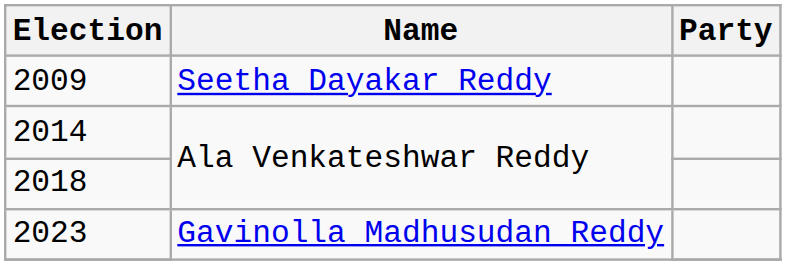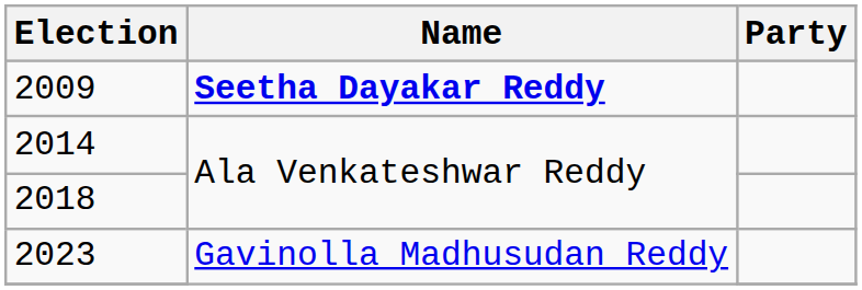 <table class="wikitable sortable">
 <tr>
 <th>Election</th>
 <th>Name</th>
 <th colspan="2">Party</th>
 </tr>
 <tr>
 <td>2009</td>
-<td><a href='#'>Seetha Dayakar Reddy</a></td>
+<td><strong><a href='#'>Seetha Dayakar Reddy</a></strong></td>
 <td></td>
 </tr>
 <tr>
 <td>2014</td>
 <td rowspan=2>Ala Venkateshwar Reddy</td>
 <td></td>
 </tr>
 <tr>
 <td>2018</td>
 </tr>
 <tr>
 <td>2023</td>
 <td rowspan=2><a href='#'>Gavinolla Madhusudan Reddy</a></td>
 <td></td>
 </tr>
 <tr>
 </tr>
 </table>
